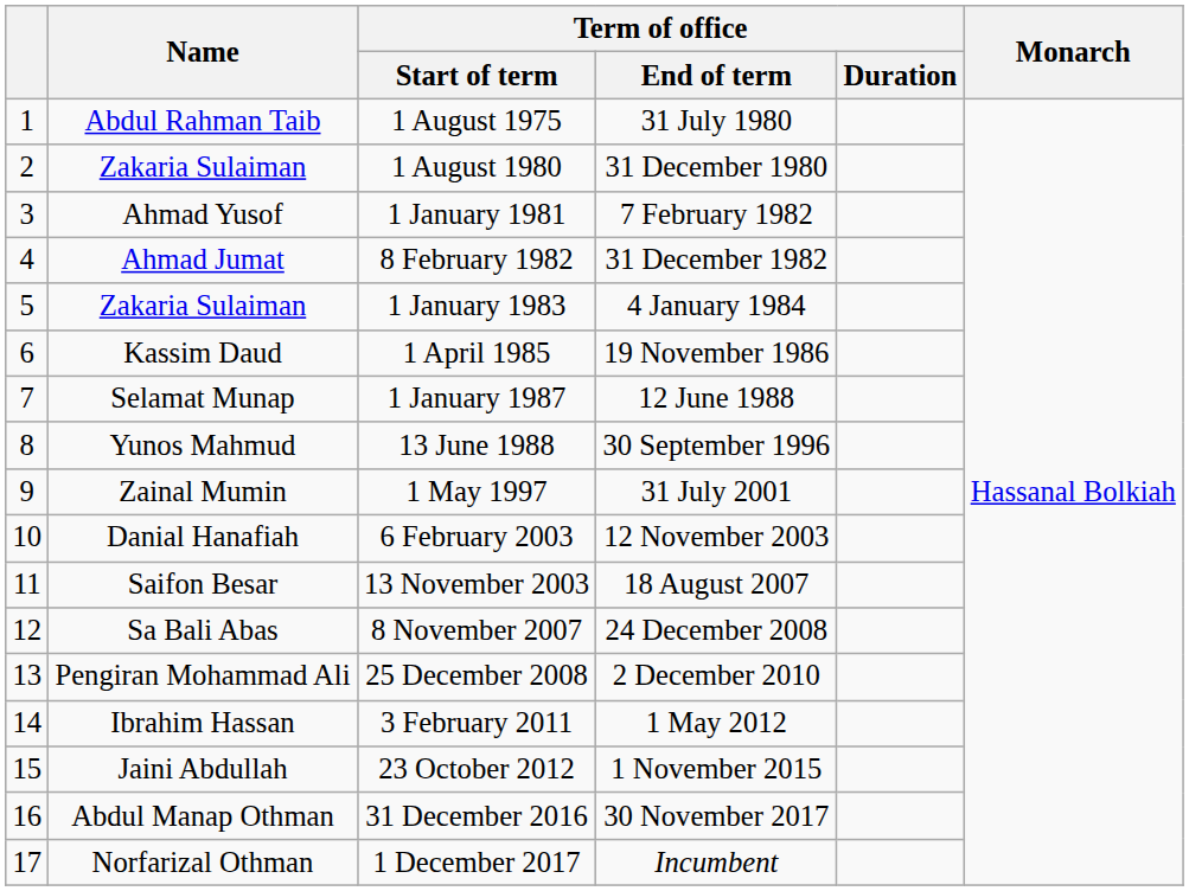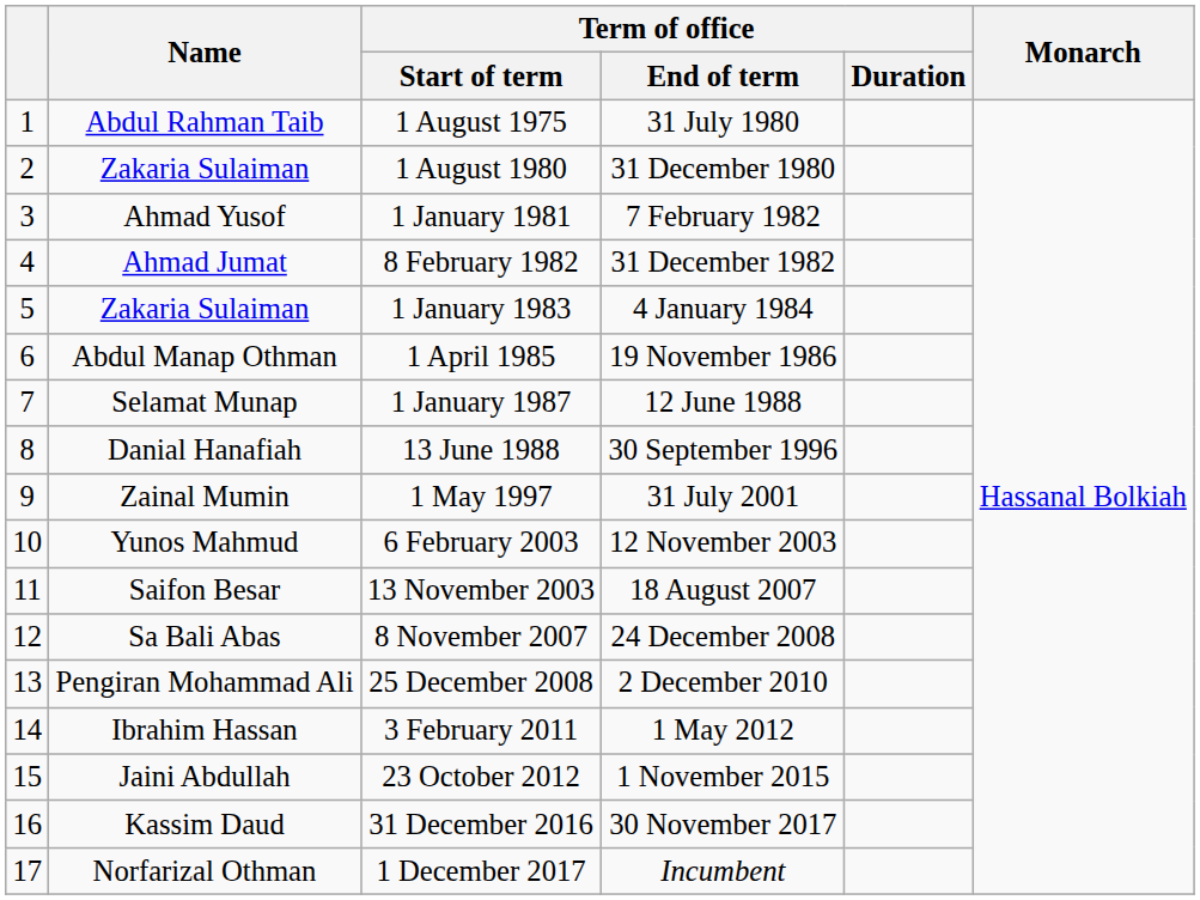 <table class="wikitable" style="text-align:center">
 <tr>
 <th rowspan="2"></th>
 <th rowspan="2">Name</th>
 <th colspan="3">Term of office</th>
 <th rowspan="2">Monarch</th>
 </tr>
 <tr>
 <th>Start of term</th>
 <th>End of term</th>
 <th>Duration</th>
 </tr>
 <tr>
 <td>1</td>
 <td><a href='#'>Abdul Rahman Taib</a></td>
 <td>1 August 1975</td>
 <td>31 July 1980</td>
 <td></td>
 <td rowspan="17"><a href='#'>Hassanal Bolkiah</a></td>
 </tr>
 <tr>
 <td>2</td>
 <td><a href='#'>Zakaria Sulaiman</a></td>
 <td>1 August 1980</td>
 <td>31 December 1980</td>
 <td></td>
 </tr>
 <tr>
 <td>3</td>
 <td>Ahmad Yusof</td>
 <td>1 January 1981</td>
 <td>7 February 1982</td>
 <td></td>
 </tr>
 <tr>
 <td>4</td>
 <td><a href='#'>Ahmad Jumat</a></td>
 <td>8 February 1982</td>
 <td>31 December 1982</td>
 <td></td>
 </tr>
 <tr>
 <td>5</td>
 <td><a href='#'>Zakaria Sulaiman</a></td>
 <td>1 January 1983</td>
 <td>4 January 1984</td>
 <td></td>
 </tr>
 <tr>
 <td>6</td>
-<td>Kassim Daud</td>
+<td>Abdul Manap Othman</td>
 <td>1 April 1985</td>
 <td>19 November 1986</td>
 <td></td>
 </tr>
 <tr>
 <td>7</td>
 <td>Selamat Munap</td>
 <td>1 January 1987</td>
 <td>12 June 1988</td>
 <td></td>
 </tr>
 <tr>
 <td>8</td>
-<td>Yunos Mahmud</td>
+<td>Danial Hanafiah</td>
 <td>13 June 1988</td>
 <td>30 September 1996</td>
 <td></td>
 </tr>
 <tr>
 <td>9</td>
 <td>Zainal Mumin</td>
 <td>1 May 1997</td>
 <td>31 July 2001</td>
 <td></td>
 </tr>
 <tr>
 <td>10</td>
-<td>Danial Hanafiah</td>
+<td>Yunos Mahmud</td>
 <td>6 February 2003</td>
 <td>12 November 2003</td>
 <td></td>
 </tr>
 <tr>
 <td>11</td>
 <td>Saifon Besar</td>
 <td>13 November 2003</td>
 <td>18 August 2007</td>
 <td></td>
 </tr>
 <tr>
 <td>12</td>
 <td>Sa Bali Abas</td>
 <td>8 November 2007</td>
 <td>24 December 2008</td>
 <td></td>
 </tr>
 <tr>
 <td>13</td>
 <td>Pengiran Mohammad Ali</td>
 <td>25 December 2008</td>
 <td>2 December 2010</td>
 <td></td>
 </tr>
 <tr>
 <td>14</td>
 <td>Ibrahim Hassan</td>
 <td>3 February 2011</td>
 <td>1 May 2012</td>
 <td></td>
 </tr>
 <tr>
 <td>15</td>
 <td>Jaini Abdullah</td>
 <td>23 October 2012</td>
 <td>1 November 2015</td>
 <td></td>
 </tr>
 <tr>
 <td>16</td>
-<td>Abdul Manap Othman</td>
+<td>Kassim Daud</td>
 <td>31 December 2016</td>
 <td>30 November 2017</td>
 <td></td>
 </tr>
 <tr>
 <td>17</td>
 <td>Norfarizal Othman</td>
 <td>1 December 2017</td>
 <td><em>Incumbent</em></td>
 <td></td>
 </tr>
 </table>
